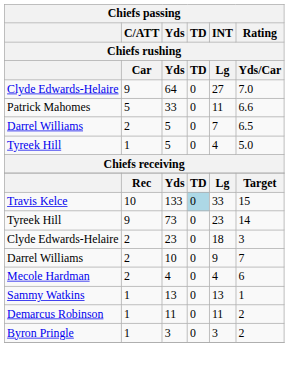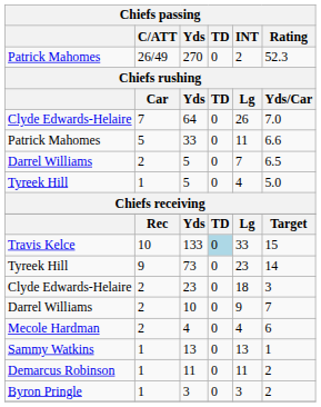 <table class="wikitable plainrowheaders">
 <tr>
 <th colspan="6">Chiefs passing</th>
 </tr>
 <tr>
 <th scope="col"></th>
 <th scope="col">C/ATT</th>
 <th scope="col">Yds</th>
 <th scope="col">TD</th>
 <th scope="col">INT</th>
 <th scope="col">Rating</th>
+</tr>
+<tr>
+<td><a href='#'>Patrick Mahomes</a></td>
+<td>26/49</td>
+<td>270</td>
+<td>0</td>
+<td>2</td>
+<td>52.3</td>
 </tr>
 <tr>
 <th colspan="6">Chiefs rushing</th>
 </tr>
 <tr>
 <th scope="col"></th>
 <th scope="col">Car</th>
 <th scope="col">Yds</th>
 <th scope="col">TD</th>
 <th scope="col">Lg</th>
 <th scope="col">Yds/Car</th>
 </tr>
 <tr>
 <td><a href='#'>Clyde Edwards-Helaire</a></td>
-<td>9</td>
+<td>7</td>
 <td>64</td>
 <td>0</td>
-<td>27</td>
+<td>26</td>
 <td>7.0</td>
 </tr>
 <tr>
 <td>Patrick Mahomes</td>
 <td>5</td>
 <td>33</td>
 <td>0</td>
 <td>11</td>
 <td>6.6</td>
 </tr>
 <tr>
 <td><a href='#'>Darrel Williams</a></td>
 <td>2</td>
 <td>5</td>
 <td>0</td>
 <td>7</td>
 <td>6.5</td>
 </tr>
 <tr>
 <td><a href='#'>Tyreek Hill</a></td>
 <td>1</td>
 <td>5</td>
 <td>0</td>
 <td>4</td>
 <td>5.0</td>
 </tr>
 <tr>
 <th colspan="6">Chiefs receiving</th>
 </tr>
 <tr>
 </tr>
 <tr>
 <th scope="col"></th>
 <th scope="col">Rec</th>
 <th scope="col">Yds</th>
 <th scope="col">TD</th>
 <th scope="col">Lg</th>
 <th scope="col">Target</th>
 </tr>
 <tr>
 <td><a href='#'>Travis Kelce</a></td>
 <td>10</td>
 <td>133</td>
 <td style="background: lightblue;">0</td>
 <td>33</td>
 <td>15</td>
 </tr>
 <tr>
 <td>Tyreek Hill</td>
 <td>9</td>
 <td>73</td>
 <td>0</td>
 <td>23</td>
 <td>14</td>
 </tr>
 <tr>
 <td>Clyde Edwards-Helaire</td>
 <td>2</td>
 <td>23</td>
 <td>0</td>
 <td>18</td>
 <td>3</td>
 </tr>
 <tr>
 <td>Darrel Williams</td>
 <td>2</td>
 <td>10</td>
 <td>0</td>
 <td>9</td>
 <td>7</td>
 </tr>
 <tr>
 <td><a href='#'>Mecole Hardman</a></td>
 <td>2</td>
 <td>4</td>
 <td>0</td>
 <td>4</td>
 <td>6</td>
 </tr>
 <tr>
 <td><a href='#'>Sammy Watkins</a></td>
 <td>1</td>
 <td>13</td>
 <td>0</td>
 <td>13</td>
 <td>1</td>
 </tr>
 <tr>
 <td><a href='#'>Demarcus Robinson</a></td>
 <td>1</td>
 <td>11</td>
 <td>0</td>
 <td>11</td>
 <td>2</td>
 </tr>
 <tr>
 <td><a href='#'>Byron Pringle</a></td>
 <td>1</td>
 <td>3</td>
 <td>0</td>
 <td>3</td>
 <td>2</td>
 </tr>
 <tr>
 </tr>
 </table>
